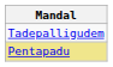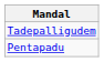 <table class="wikitable sortable static-row-numbers static-row-header-hash">
 <tr>
 <th>Mandal</th>
 </tr>
 <tr>
 <td><a href='#'>Tadepalligudem</a></td>
 </tr>
 <tr>
-<td style="background: khaki;"><a href='#'>Pentapadu</a></td>
+<td><a href='#'>Pentapadu</a></td>
 </tr>
 </table>
